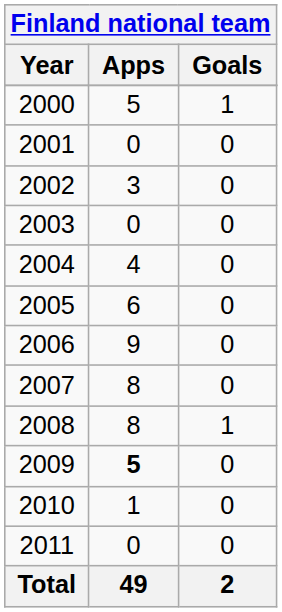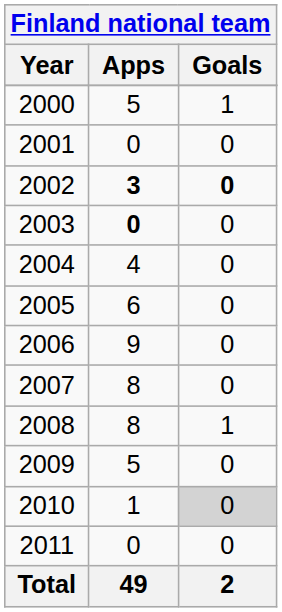 <table class="wikitable" style="text-align:center">
 <tr>
 <th colspan=3><a href='#'>Finland national team</a></th>
 </tr>
 <tr>
 <th>Year</th>
 <th>Apps</th>
 <th>Goals</th>
 </tr>
 <tr>
 </tr>
 <tr>
 <td>2000</td>
 <td>5</td>
 <td>1</td>
 </tr>
 <tr>
 <td>2001</td>
 <td>0</td>
 <td>0</td>
 </tr>
 <tr>
 <td>2002</td>
-<td>3</td>
-<td>0</td>
+<td><strong>3</strong></td>
+<td><strong>0</strong></td>
 </tr>
 <tr>
 <td>2003</td>
-<td>0</td>
+<td><strong>0</strong></td>
 <td>0</td>
 </tr>
 <tr>
 <td>2004</td>
 <td>4</td>
 <td>0</td>
 </tr>
 <tr>
 <td>2005</td>
 <td>6</td>
 <td>0</td>
 </tr>
 <tr>
 <td>2006</td>
 <td>9</td>
 <td>0</td>
 </tr>
 <tr>
 <td>2007</td>
 <td>8</td>
 <td>0</td>
 </tr>
 <tr>
 <td>2008</td>
 <td>8</td>
 <td>1</td>
 </tr>
 <tr>
 <td>2009</td>
-<td><strong>5</strong></td>
+<td>5</td>
 <td>0</td>
 </tr>
 <tr>
 <td>2010</td>
 <td>1</td>
-<td>0</td>
+<td style="background: lightgrey;">0</td>
 </tr>
 <tr>
 <td>2011</td>
 <td>0</td>
 <td>0</td>
 </tr>
 <tr>
 <th>Total</th>
 <th>49</th>
 <th>2</th>
 </tr>
 </table>
